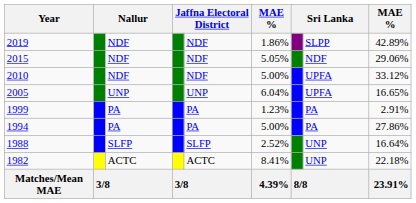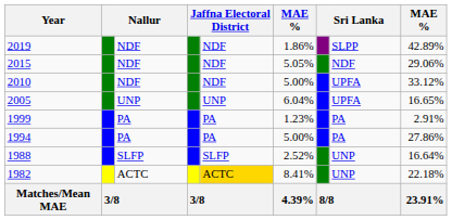 <table class="wikitable">
 <tr>
 <th>Year</th>
 <th colspan="2" width="144px">Nallur</th>
 <th colspan="2" width="144px"><a href='#'>Jaffna Electoral District</a></th>
 <th><a href='#'>MAE</a> %</th>
 <th colspan="2" width="144px">Sri Lanka</th>
 <th>MAE %</th>
 </tr>
 <tr>
 <td><a href='#'>2019</a></td>
 <td style="background-color:green;" width="10px"></td>
 <td style="text-align:left;"><a href='#'>NDF</a></td>
 <td style="background-color:green;" width="10px"></td>
 <td style="text-align:left;"><a href='#'>NDF</a></td>
 <td style="text-align:right;">1.86%</td>
 <td style="background-color:purple;" width="10px"></td>
 <td style="text-align:left;"><a href='#'>SLPP</a></td>
 <td style="text-align:right;">42.89%</td>
 </tr>
 <tr>
 <td><a href='#'>2015</a></td>
 <td style="background-color:green;" width="10px"></td>
 <td style="text-align:left;"><a href='#'>NDF</a></td>
 <td style="background-color:green;" width="10px"></td>
 <td style="text-align:left;"><a href='#'>NDF</a></td>
 <td style="text-align:right;">5.05%</td>
 <td style="background-color:green;" width="10px"></td>
 <td style="text-align:left;"><a href='#'>NDF</a></td>
 <td style="text-align:right;">29.06%</td>
 </tr>
 <tr>
 <td><a href='#'>2010</a></td>
 <td style="background-color:green;" width="10px"></td>
 <td style="text-align:left;"><a href='#'>NDF</a></td>
 <td style="background-color:green;" width="10px"></td>
 <td style="text-align:left;"><a href='#'>NDF</a></td>
 <td style="text-align:right;">5.00%</td>
 <td style="background-color:blue;" width="10px"></td>
 <td style="text-align:left;"><a href='#'>UPFA</a></td>
 <td style="text-align:right;">33.12%</td>
 </tr>
 <tr>
 <td><a href='#'>2005</a></td>
 <td style="background-color:green;" width="10px"></td>
 <td style="text-align:left;"><a href='#'>UNP</a></td>
 <td style="background-color:green;" width="10px"></td>
 <td style="text-align:left;"><a href='#'>UNP</a></td>
 <td style="text-align:right;">6.04%</td>
 <td style="background-color:blue;" width="10px"></td>
 <td style="text-align:left;"><a href='#'>UPFA</a></td>
 <td style="text-align:right;">16.65%</td>
 </tr>
 <tr>
 <td><a href='#'>1999</a></td>
 <td style="background-color:blue;" width="10px"></td>
 <td style="text-align:left;"><a href='#'>PA</a></td>
 <td style="background-color:blue;" width="10px"></td>
 <td style="text-align:left;"><a href='#'>PA</a></td>
 <td style="text-align:right;">1.23%</td>
 <td style="background-color:blue;" width="10px"></td>
 <td style="text-align:left;"><a href='#'>PA</a></td>
 <td style="text-align:right;">2.91%</td>
 </tr>
 <tr>
 <td><a href='#'>1994</a></td>
 <td style="background-color:blue;" width="10px"></td>
 <td style="text-align:left;"><a href='#'>PA</a></td>
 <td style="background-color:blue;" width="10px"></td>
 <td style="text-align:left;"><a href='#'>PA</a></td>
 <td style="text-align:right;">5.00%</td>
 <td style="background-color:blue;" width="10px"></td>
 <td style="text-align:left;"><a href='#'>PA</a></td>
 <td style="text-align:right;">27.86%</td>
 </tr>
 <tr>
 <td><a href='#'>1988</a></td>
 <td style="background-color:blue;" width="10px"></td>
 <td style="text-align:left;"><a href='#'>SLFP</a></td>
 <td style="background-color:blue;" width="10px"></td>
 <td style="text-align:left;"><a href='#'>SLFP</a></td>
 <td style="text-align:right;">2.52%</td>
 <td style="background-color:green;" width="10px"></td>
 <td style="text-align:left;"><a href='#'>UNP</a></td>
 <td style="text-align:right;">16.64%</td>
 </tr>
 <tr>
 <td><a href='#'>1982</a></td>
 <td style="background-color:yellow;" width="10px"></td>
 <td style="text-align:left;">ACTC</td>
 <td style="background-color:yellow;" width="10px"></td>
-<td style="text-align:left;">ACTC</td>
+<td style="background: gold; text-align:left;">ACTC</td>
 <td style="text-align:right;">8.41%</td>
 <td style="background-color:green;" width="10px"></td>
 <td style="text-align:left;"><a href='#'>UNP</a></td>
 <td style="text-align:right;">22.18%</td>
 </tr>
 <tr>
 <th>Matches/Mean MAE</th>
 <th style="text-align:left;"colspan="2" width="144px">3/8</th>
 <th style="text-align:left;"colspan="2" width="144px">3/8</th>
 <th style="text-align:right;">4.39%</th>
 <th style="text-align:left;"colspan="2" width="144px">8/8</th>
 <th style="text-align:right;">23.91%</th>
 </tr>
 </table>
